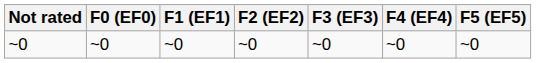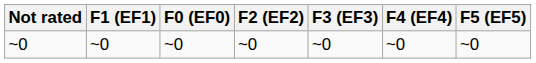 <table class="wikitable mw-collapsible">
 <tr>
 <th>Not rated</th>
+<th style="background-color:#">F1 (EF1)</th>
 <th style="background-color:#">F0 (EF0)</th>
-<th style="background-color:#">F1 (EF1)</th>
 <th style="background-color:#">F2 (EF2)</th>
 <th style="background-color:#">F3 (EF3)</th>
 <th style="background-color:#">F4 (EF4)</th>
 <th style="background-color:#">F5 (EF5)</th>
 </tr>
 <tr>
 <td>~0</td>
 <td>~0</td>
 <td>~0</td>
 <td>~0</td>
 <td>~0</td>
 <td>~0</td>
 <td>~0</td>
 </tr>
 </table>
